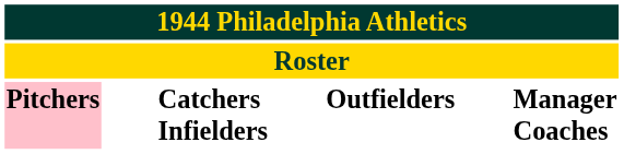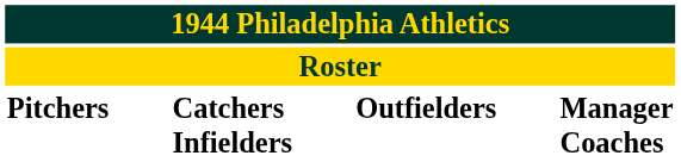 <table class="toccolours" style="font-size: 95%;">
 <tr>
 <th colspan="10" style="background-color: #003831; color: #FFD800; text-align: center;">1944 Philadelphia Athletics</th>
 </tr>
 <tr>
 <td colspan="10" style="background-color: #FFD800; color: #003831; text-align: center;"><strong>Roster</strong></td>
 </tr>
 <tr>
-<td valign="top" style="background: pink;"><strong>Pitchers</strong><br>          </td>
+<td valign="top"><strong>Pitchers</strong><br>          </td>
 <td width="25px"></td>
 <td valign="top"><strong>Catchers</strong><br>      <strong>Infielders</strong>        </td>
 <td width="25px"></td>
 <td valign="top"><strong>Outfielders</strong><br>         </td>
 <td width="25px"></td>
 <td valign="top"><strong>Manager</strong><br> <strong>Coaches</strong>    </td>
 </tr>
 </table>
